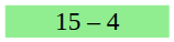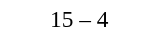 <table style="text-align:center">
 <tr>
 <th width=200></th>
 <th width=100></th>
 <th width=200></th>
 </tr>
 <tr>
 <td align=right><strong></strong></td>
-<td style="background: lightgreen;">15 – 4</td>
+<td>15 – 4</td>
 <td align=left></td>
 </tr>
 </table>
